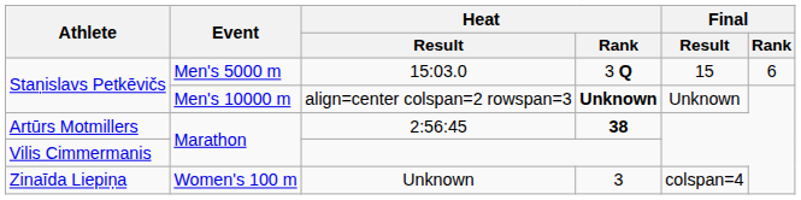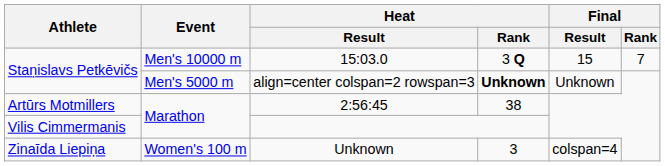 <table class="wikitable" style="font-size:90%">
 <tr>
 <th rowspan="2">Athlete</th>
 <th rowspan="2">Event</th>
 <th colspan="2">Heat</th>
 <th colspan="2">Final</th>
 </tr>
 <tr style="font-size:95%">
 <th>Result</th>
 <th>Rank</th>
 <th>Result</th>
 <th>Rank</th>
 </tr>
 <tr align=center>
 <td align=left rowspan=2><a href='#'>Staņislavs Petkēvičs</a></td>
-<td align=left><a href='#'>Men's 5000 m</a></td>
+<td align=left><a href='#'>Men's 10000 m</a></td>
 <td>15:03.0</td>
 <td>3 <strong>Q</strong></td>
 <td>15</td>
-<td>6</td>
+<td>7</td>
 </tr>
 <tr align=center>
-<td align=left><a href='#'>Men's 10000 m</a></td>
+<td align=left><a href='#'>Men's 5000 m</a></td>
 <td>align=center colspan=2 rowspan=3 </td>
 <td><strong>Unknown</strong></td>
 <td>Unknown</td>
 </tr>
 <tr align=center>
 <td align=left><a href='#'>Artūrs Motmillers</a></td>
 <td align=left rowspan=2><a href='#'>Marathon</a></td>
 <td>2:56:45</td>
-<td><strong>38</strong></td>
+<td>38</td>
 </tr>
 <tr align=center>
 <td align=left><a href='#'>Vilis Cimmermanis</a></td>
 <td colspan=2></td>
 </tr>
 <tr align=center>
 <td align=left><a href='#'>Zinaīda Liepiņa</a></td>
 <td align=left><a href='#'>Women's 100 m</a></td>
 <td>Unknown</td>
 <td>3</td>
 <td>colspan=4 </td>
 </tr>
 </table>
